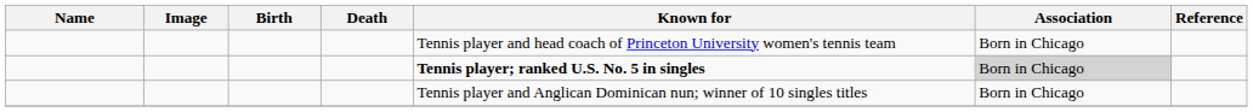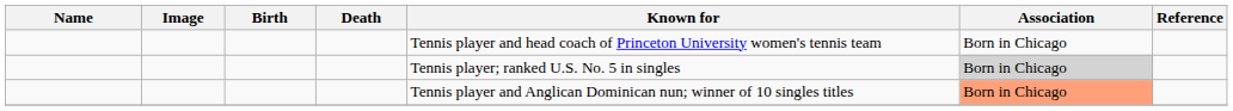 <table class="wikitable sortable">
 <tr>
 <th scope="col" width="140">Name</th>
 <th scope="col" width="80" class="unsortable">Image</th>
 <th scope="col" width="90">Birth</th>
 <th scope="col" width="90">Death</th>
 <th scope="col" width="600" class="unsortable">Known for</th>
 <th scope="col" width="200" class="unsortable">Association</th>
 <th scope="col" width="30" class="unsortable">Reference</th>
 </tr>
 <tr>
 <td></td>
 <td></td>
 <td align=right></td>
 <td></td>
 <td>Tennis player and head coach of <a href='#'>Princeton University</a> women's tennis team</td>
 <td>Born in Chicago</td>
 <td align="center"></td>
 </tr>
 <tr>
 <td></td>
 <td></td>
 <td align=right></td>
 <td></td>
-<td><strong>Tennis player; ranked U.S. No. 5 in singles</strong></td>
+<td>Tennis player; ranked U.S. No. 5 in singles</td>
 <td style="background: lightgrey;">Born in Chicago</td>
 <td align="center"></td>
 </tr>
 <tr>
 <td></td>
 <td></td>
 <td align=right></td>
 <td></td>
 <td>Tennis player and Anglican Dominican nun; winner of 10 singles titles</td>
-<td>Born in Chicago</td>
+<td style="background: lightsalmon;">Born in Chicago</td>
 <td align="center"></td>
 </tr>
 <tr>
 </tr>
 </table>
